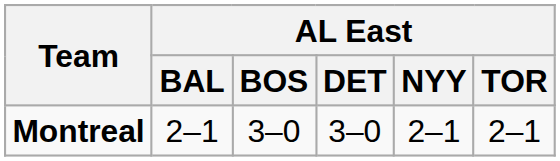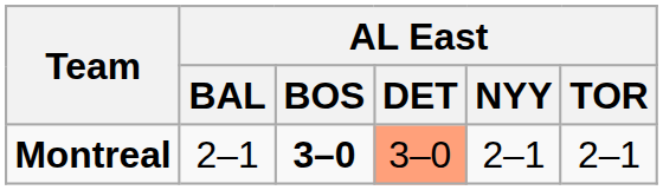 <table class="wikitable" style="text-align:center; font-size: 95%;">
 <tr>
 <th rowspan=2>Team</th>
 <th colspan=5>AL East</th>
 </tr>
 <tr>
 <th><strong>BAL</strong></th>
 <th><strong>BOS</strong></th>
 <th><strong>DET</strong></th>
 <th><strong>NYY</strong></th>
 <th><strong>TOR</strong></th>
 </tr>
 <tr>
 <td><strong>Montreal</strong></td>
 <td>2–1</td>
-<td>3–0</td>
-<td>3–0</td>
+<td><strong>3–0</strong></td>
+<td style="background: lightsalmon;">3–0</td>
 <td>2–1</td>
 <td>2–1</td>
 </tr>
 </table>
